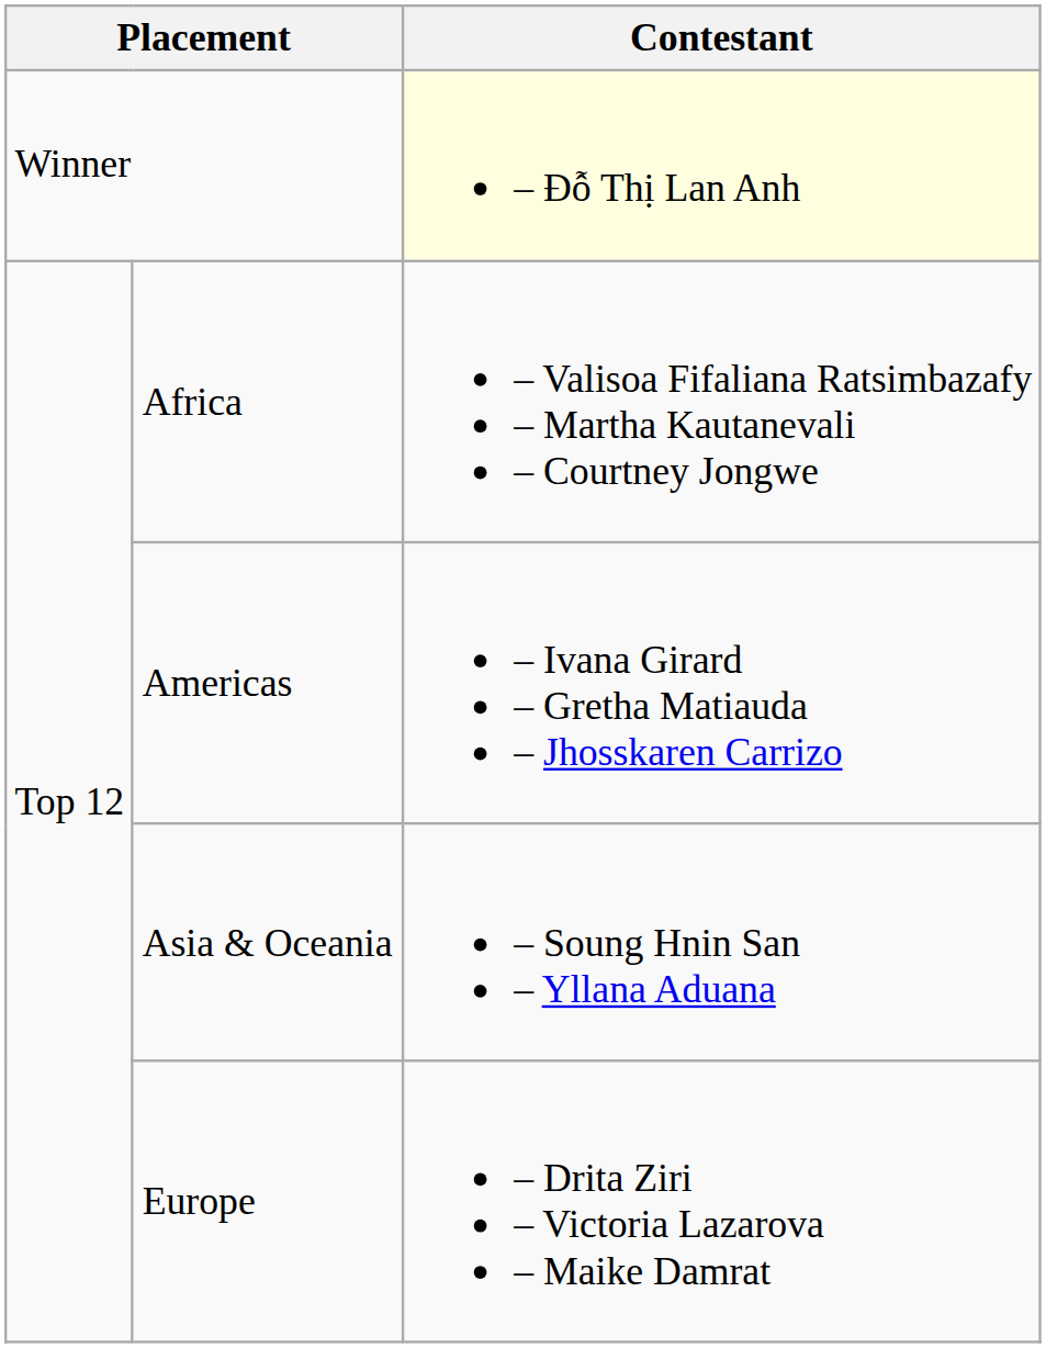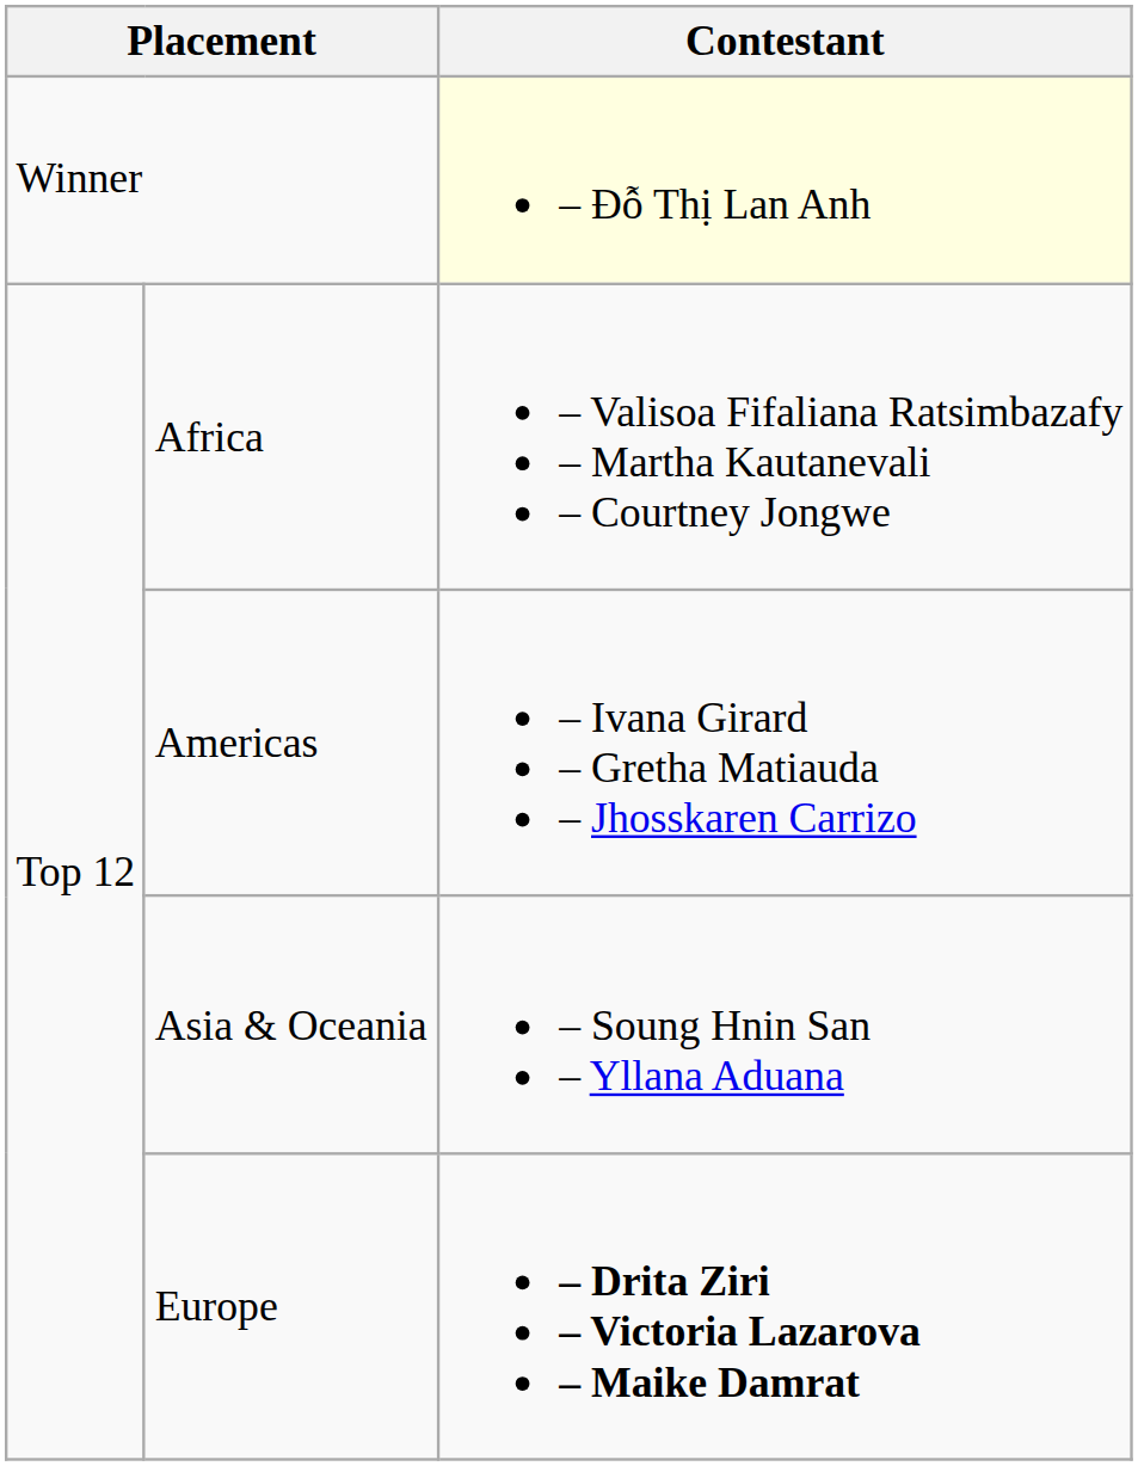 <table class="wikitable sortable unsortable" style="font-size: 95%;">
 <tr>
 <th colspan="2">Placement</th>
 <th>Contestant</th>
 </tr>
 <tr>
 <td colspan="2">Winner</td>
 <td style="background: lightyellow;"><br><ul><li> – Đỗ Thị Lan Anh</li></ul></td>
 </tr>
 <tr>
 <td rowspan="4">Top 12</td>
 <td>Africa</td>
 <td><br><ul><li> – Valisoa Fifaliana Ratsimbazafy</li><li> – Martha Kautanevali</li><li> – Courtney Jongwe</li></ul></td>
 </tr>
 <tr>
 <td>Americas</td>
 <td><br><ul><li> – Ivana Girard</li><li> – Gretha Matiauda</li><li> – <a href='#'>Jhosskaren Carrizo</a></li></ul></td>
 </tr>
 <tr>
 <td>Asia & Oceania</td>
 <td><br><ul><li> – Soung Hnin San</li><li> – <a href='#'>Yllana Aduana</a></li></ul></td>
 </tr>
 <tr>
 <td>Europe</td>
-<td><br><ul><li> – Drita Ziri</li><li> – Victoria Lazarova</li><li> – Maike Damrat</li></ul></td>
+<td><strong><br><ul><li> – Drita Ziri</li><li> – Victoria Lazarova</li><li> – Maike Damrat</li></ul></strong></td>
 </tr>
 </table>
